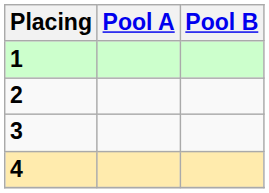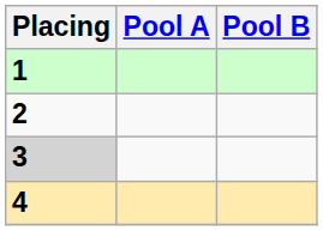 <table class=wikitable style="border:1px solid #AAAAAA;">
 <tr>
 <th>Placing</th>
 <th><a href='#'>Pool A</a></th>
 <th><a href='#'>Pool B</a></th>
 </tr>
 <tr style="background: #ccffcc;">
 <td><strong>1</strong></td>
 <td><strong></strong></td>
 <td></td>
 </tr>
 <tr>
 <td><strong>2</strong></td>
 <td><strong></strong></td>
 <td></td>
 </tr>
 <tr>
-<td><strong>3</strong></td>
+<td style="background: lightgrey;"><strong>3</strong></td>
 <td></td>
 <td><strong></strong></td>
 </tr>
 <tr style="background: #ffebad;">
 <td><strong>4</strong></td>
 <td></td>
 <td><strong></strong></td>
 </tr>
 <tr>
 </tr>
 </table>
